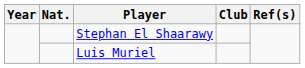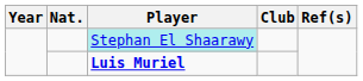 <table class="wikitable">
 <tr>
 <th>Year</th>
 <th>Nat.</th>
 <th>Player</th>
 <th>Club</th>
 <th>Ref(s)</th>
 </tr>
 <tr>
 <td rowspan="2"></td>
 <td></td>
-<td><a href='#'>Stephan El Shaarawy</a><br></td>
+<td style="background: paleturquoise;"><a href='#'>Stephan El Shaarawy</a><br></td>
 <td></td>
 <td rowspan="2"></td>
 </tr>
 <tr>
 <td></td>
-<td><a href='#'>Luis Muriel</a></td>
+<td><strong><a href='#'>Luis Muriel</a></strong></td>
 <td></td>
 </tr>
 </table>
